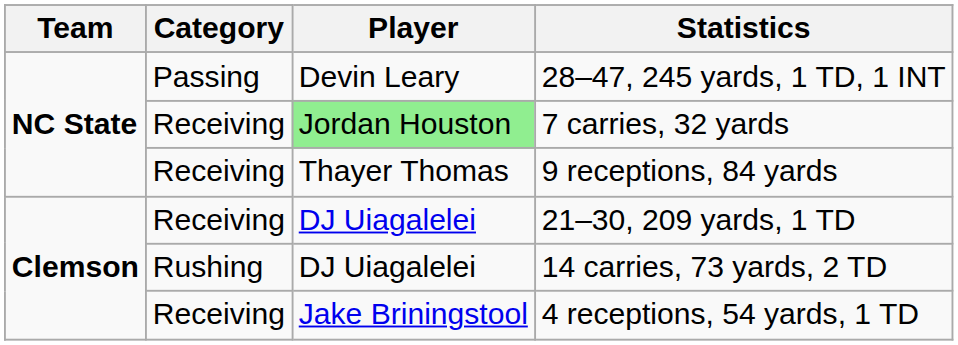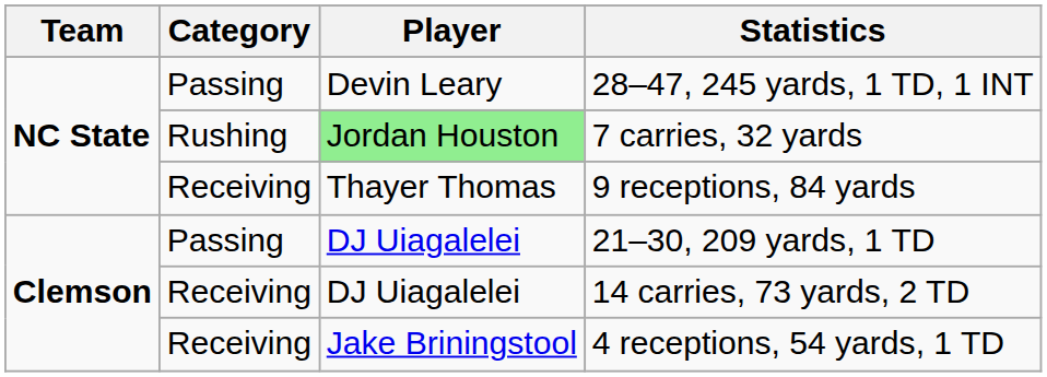 <table class="wikitable" style="float: left;">
 <tr>
 <th>Team</th>
 <th>Category</th>
 <th>Player</th>
 <th>Statistics</th>
 </tr>
 <tr>
 <td rowspan=3><strong>NC State</strong></td>
 <td>Passing</td>
 <td>Devin Leary</td>
 <td>28–47, 245 yards, 1 TD, 1 INT</td>
 </tr>
 <tr>
-<td>Receiving</td>
+<td>Rushing</td>
 <td style="background: lightgreen;">Jordan Houston</td>
 <td>7 carries, 32 yards</td>
 </tr>
 <tr>
 <td>Receiving</td>
 <td>Thayer Thomas</td>
 <td>9 receptions, 84 yards</td>
 </tr>
 <tr>
 <td rowspan=3><strong>Clemson</strong></td>
-<td>Receiving</td>
+<td>Passing</td>
 <td><a href='#'>DJ Uiagalelei</a></td>
 <td>21–30, 209 yards, 1 TD</td>
 </tr>
 <tr>
-<td>Rushing</td>
+<td>Receiving</td>
 <td>DJ Uiagalelei</td>
 <td>14 carries, 73 yards, 2 TD</td>
 </tr>
 <tr>
 <td>Receiving</td>
 <td><a href='#'>Jake Briningstool</a></td>
 <td>4 receptions, 54 yards, 1 TD</td>
 </tr>
 </table>
